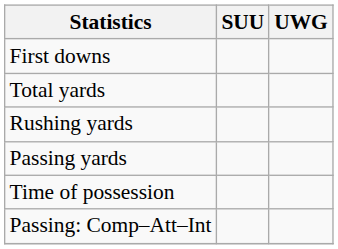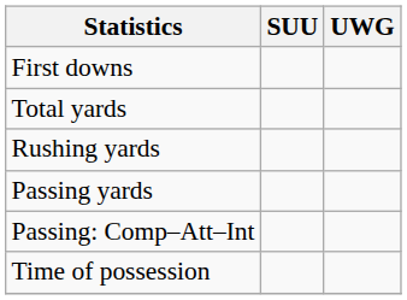 <table class="wikitable" style="float: left;">
 <tr>
 <th>Statistics</th>
 <th>SUU</th>
 <th>UWG</th>
 </tr>
 <tr>
 <td>First downs</td>
 <td></td>
 <td></td>
 </tr>
 <tr>
 <td>Total yards</td>
 <td></td>
 <td></td>
 </tr>
 <tr>
 <td>Rushing yards</td>
 <td></td>
 <td></td>
 </tr>
 <tr>
 <td>Passing yards</td>
 <td></td>
 <td></td>
 </tr>
 <tr>
-<td>Time of possession</td>
+<td>Passing: Comp–Att–Int</td>
 <td></td>
 <td></td>
 </tr>
 <tr>
-<td>Passing: Comp–Att–Int</td>
+<td>Time of possession</td>
 <td></td>
 <td></td>
 </tr>
 <tr>
 </tr>
 </table>
